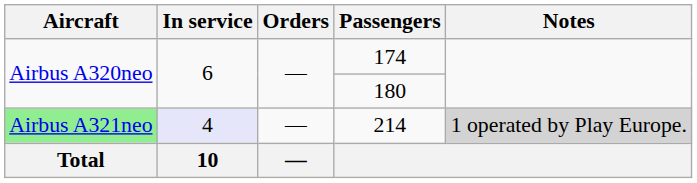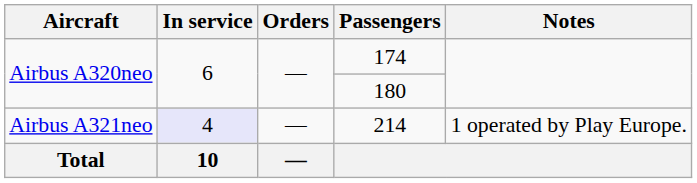 <table class="wikitable" style="margin:0.5em auto; text-align:center">
 <tr>
 <th>Aircraft</th>
 <th>In service</th>
 <th>Orders</th>
 <th>Passengers</th>
 <th>Notes</th>
 </tr>
 <tr>
 <td rowspan=2><a href='#'>Airbus A320neo</a></td>
 <td rowspan=2>6</td>
 <td rowspan=2>—</td>
 <td>174</td>
 <td rowspan=2></td>
 </tr>
 <tr>
 <td>180</td>
 </tr>
 <tr>
-<td style="background: lightgreen;"><a href='#'>Airbus A321neo</a></td>
+<td><a href='#'>Airbus A321neo</a></td>
 <td style="background: lavender;">4</td>
 <td>—</td>
 <td>214</td>
-<td style="background: lightgrey;">1 operated by Play Europe.</td>
+<td>1 operated by Play Europe.</td>
 </tr>
 <tr>
 <th>Total</th>
 <th>10</th>
 <th>—</th>
 <th colspan="2"></th>
 </tr>
 </table>
